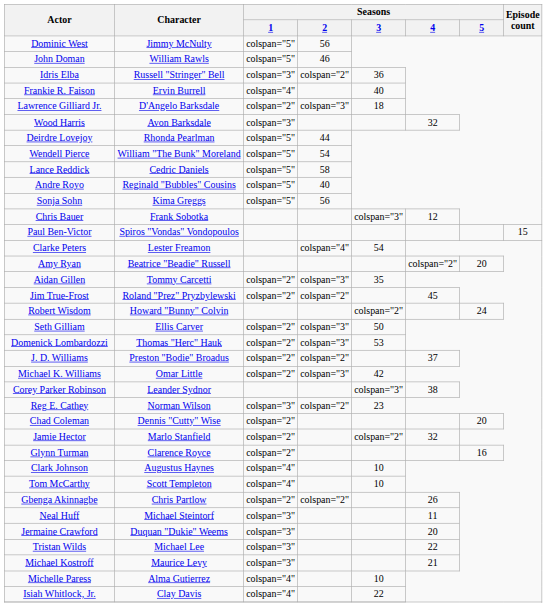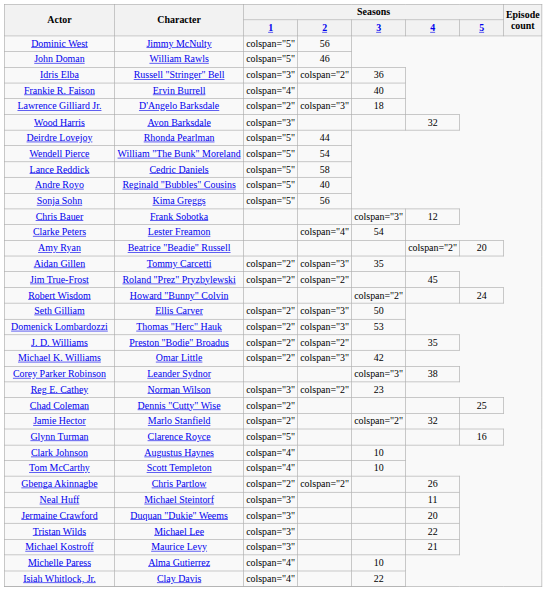 <table class="wikitable sortable" style="text-align:center">
 <tr>
 <th rowspan="2" style="width:200px;" class="unsortable">Actor</th>
 <th rowspan="2" style="width:240px;" class="unsortable">Character</th>
 <th colspan="5">Seasons</th>
 <th rowspan="2" style="width:40px;">Episode count</th>
 </tr>
 <tr>
 <th scope="col" style="width:80px;" class="unsortable"><a href='#'>1</a></th>
 <th scope="col" style="width:80px;" class="unsortable"><a href='#'>2</a></th>
 <th scope="col" style="width:80px;" class="unsortable"><a href='#'>3</a></th>
 <th scope="col" style="width:80px;" class="unsortable"><a href='#'>4</a></th>
 <th scope="col" style="width:80px;" class="unsortable"><a href='#'>5</a></th>
 </tr>
 <tr>
 <td><a href='#'>Dominic West</a></td>
 <td><a href='#'>Jimmy McNulty</a></td>
 <td>colspan="5" </td>
 <td>56</td>
 </tr>
 <tr>
 <td><a href='#'>John Doman</a></td>
 <td><a href='#'>William Rawls</a></td>
 <td>colspan="5" </td>
 <td>46</td>
 </tr>
 <tr>
 <td><a href='#'>Idris Elba</a></td>
 <td><a href='#'>Russell "Stringer" Bell</a></td>
 <td>colspan="3" </td>
 <td>colspan="2" </td>
 <td>36</td>
 </tr>
 <tr>
 <td><a href='#'>Frankie R. Faison</a></td>
 <td><a href='#'>Ervin Burrell</a></td>
 <td>colspan="4" </td>
 <td></td>
 <td>40</td>
 </tr>
 <tr>
 <td><a href='#'>Lawrence Gilliard Jr.</a></td>
 <td><a href='#'>D'Angelo Barksdale</a></td>
 <td>colspan="2" </td>
 <td>colspan="3" </td>
 <td>18</td>
 </tr>
 <tr>
 <td><a href='#'>Wood Harris</a></td>
 <td><a href='#'>Avon Barksdale</a></td>
 <td>colspan="3" </td>
 <td></td>
 <td></td>
 <td>32</td>
 </tr>
 <tr>
 <td><a href='#'>Deirdre Lovejoy</a></td>
 <td><a href='#'>Rhonda Pearlman</a></td>
 <td>colspan="5" </td>
 <td>44</td>
 </tr>
 <tr>
 <td><a href='#'>Wendell Pierce</a></td>
 <td><a href='#'>William "The Bunk" Moreland</a></td>
 <td>colspan="5" </td>
 <td>54</td>
 </tr>
 <tr>
 <td><a href='#'>Lance Reddick</a></td>
 <td><a href='#'>Cedric Daniels</a></td>
 <td>colspan="5" </td>
 <td>58</td>
 </tr>
 <tr>
 <td><a href='#'>Andre Royo</a></td>
 <td><a href='#'>Reginald "Bubbles" Cousins</a></td>
 <td>colspan="5" </td>
 <td>40</td>
 </tr>
 <tr>
 <td><a href='#'>Sonja Sohn</a></td>
 <td><a href='#'>Kima Greggs</a></td>
 <td>colspan="5" </td>
 <td>56</td>
 </tr>
 <tr>
 <td><a href='#'>Chris Bauer</a></td>
 <td><a href='#'>Frank Sobotka</a></td>
 <td></td>
 <td></td>
 <td>colspan="3" </td>
 <td>12</td>
 </tr>
 <tr>
-<td><a href='#'>Paul Ben-Victor</a></td>
-<td><a href='#'>Spiros "Vondas" Vondopoulos</a></td>
-<td></td>
-<td></td>
-<td></td>
-<td></td>
-<td></td>
-<td>15</td>
-</tr>
-<tr>
 <td><a href='#'>Clarke Peters</a></td>
 <td><a href='#'>Lester Freamon</a></td>
 <td></td>
 <td>colspan="4" </td>
 <td>54</td>
 </tr>
 <tr>
 <td><a href='#'>Amy Ryan</a></td>
 <td><a href='#'>Beatrice "Beadie" Russell</a></td>
 <td></td>
 <td></td>
 <td></td>
 <td>colspan="2" </td>
 <td>20</td>
 </tr>
 <tr>
 <td><a href='#'>Aidan Gillen</a></td>
 <td><a href='#'>Tommy Carcetti</a></td>
 <td>colspan="2" </td>
 <td>colspan="3" </td>
 <td>35</td>
 </tr>
 <tr>
 <td><a href='#'>Jim True-Frost</a></td>
 <td><a href='#'>Roland "Prez" Pryzbylewski</a></td>
 <td>colspan="2" </td>
 <td>colspan="2" </td>
 <td></td>
 <td>45</td>
 </tr>
 <tr>
 <td><a href='#'>Robert Wisdom</a></td>
 <td><a href='#'>Howard "Bunny" Colvin</a></td>
 <td></td>
 <td></td>
 <td>colspan="2" </td>
 <td></td>
 <td>24</td>
 </tr>
 <tr>
 <td><a href='#'>Seth Gilliam</a></td>
 <td><a href='#'>Ellis Carver</a></td>
 <td>colspan="2" </td>
 <td>colspan="3" </td>
 <td>50</td>
 </tr>
 <tr>
 <td><a href='#'>Domenick Lombardozzi</a></td>
 <td><a href='#'>Thomas "Herc" Hauk</a></td>
 <td>colspan="2" </td>
 <td>colspan="3" </td>
 <td>53</td>
 </tr>
 <tr>
 <td><a href='#'>J. D. Williams</a></td>
 <td><a href='#'>Preston "Bodie" Broadus</a></td>
 <td>colspan="2" </td>
 <td>colspan="2" </td>
 <td></td>
-<td>37</td>
+<td>35</td>
 </tr>
 <tr>
 <td><a href='#'>Michael K. Williams</a></td>
 <td><a href='#'>Omar Little</a></td>
 <td>colspan="2" </td>
 <td>colspan="3" </td>
 <td>42</td>
 </tr>
 <tr>
 <td><a href='#'>Corey Parker Robinson</a></td>
 <td><a href='#'>Leander Sydnor</a></td>
 <td></td>
 <td></td>
 <td>colspan="3" </td>
 <td>38</td>
 </tr>
 <tr>
 <td><a href='#'>Reg E. Cathey</a></td>
 <td><a href='#'>Norman Wilson</a></td>
 <td>colspan="3" </td>
 <td>colspan="2" </td>
 <td>23</td>
 </tr>
 <tr>
 <td><a href='#'>Chad Coleman</a></td>
 <td><a href='#'>Dennis "Cutty" Wise</a></td>
 <td>colspan="2" </td>
 <td></td>
 <td></td>
 <td></td>
-<td>20</td>
+<td>25</td>
 </tr>
 <tr>
 <td><a href='#'>Jamie Hector</a></td>
 <td><a href='#'>Marlo Stanfield</a></td>
 <td>colspan="2" </td>
 <td></td>
 <td>colspan="2" </td>
 <td>32</td>
 </tr>
 <tr>
 <td><a href='#'>Glynn Turman</a></td>
 <td><a href='#'>Clarence Royce</a></td>
-<td>colspan="2" </td>
+<td>colspan="5" </td>
 <td></td>
 <td></td>
 <td></td>
 <td>16</td>
 </tr>
 <tr>
 <td><a href='#'>Clark Johnson</a></td>
 <td><a href='#'>Augustus Haynes</a></td>
 <td>colspan="4" </td>
 <td></td>
 <td>10</td>
 </tr>
 <tr>
 <td><a href='#'>Tom McCarthy</a></td>
 <td><a href='#'>Scott Templeton</a></td>
 <td>colspan="4" </td>
 <td></td>
 <td>10</td>
 </tr>
 <tr>
 <td><a href='#'>Gbenga Akinnagbe</a></td>
 <td><a href='#'>Chris Partlow</a></td>
 <td>colspan="2" </td>
 <td>colspan="2" </td>
 <td></td>
 <td>26</td>
 </tr>
 <tr>
 <td><a href='#'>Neal Huff</a></td>
 <td><a href='#'>Michael Steintorf</a></td>
 <td>colspan="3" </td>
 <td></td>
 <td></td>
 <td>11</td>
 </tr>
 <tr>
 <td><a href='#'>Jermaine Crawford</a></td>
 <td><a href='#'>Duquan "Dukie" Weems</a></td>
 <td>colspan="3" </td>
 <td></td>
 <td></td>
 <td>20</td>
 </tr>
 <tr>
 <td><a href='#'>Tristan Wilds</a></td>
 <td><a href='#'>Michael Lee</a></td>
 <td>colspan="3" </td>
 <td></td>
 <td></td>
 <td>22</td>
 </tr>
 <tr>
 <td><a href='#'>Michael Kostroff</a></td>
 <td><a href='#'>Maurice Levy</a></td>
 <td>colspan="3" </td>
 <td></td>
 <td></td>
 <td>21</td>
 </tr>
 <tr>
 <td><a href='#'>Michelle Paress</a></td>
 <td><a href='#'>Alma Gutierrez</a></td>
 <td>colspan="4" </td>
 <td></td>
 <td>10</td>
 </tr>
 <tr>
 <td><a href='#'>Isiah Whitlock, Jr.</a></td>
 <td><a href='#'>Clay Davis</a></td>
 <td>colspan="4" </td>
 <td></td>
 <td>22</td>
 </tr>
 <tr>
 </tr>
 </table>
